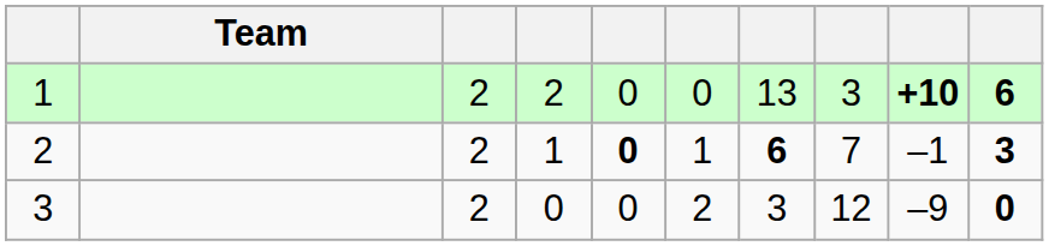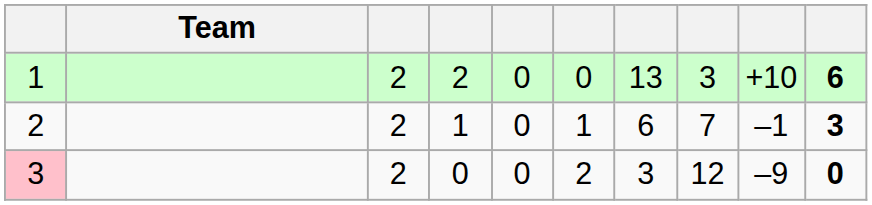 <table class="wikitable" style="text-align: center; font-size: 100%;">
 <tr>
 <th width="25"></th>
 <th width="150">Team</th>
 <th width="25"></th>
 <th width="25"></th>
 <th width="25"></th>
 <th width="25"></th>
 <th width="25"></th>
 <th width="25"></th>
 <th width="25"></th>
 <th width="25"></th>
 </tr>
 <tr style="background-color: #ccffcc;">
 <td>1</td>
 <td align=left></td>
 <td>2</td>
 <td>2</td>
 <td>0</td>
 <td>0</td>
 <td>13</td>
 <td>3</td>
-<td><strong>+10</strong></td>
+<td>+10</td>
 <td><strong>6</strong></td>
 </tr>
 <tr>
 <td>2</td>
 <td align=left></td>
 <td>2</td>
 <td>1</td>
-<td><strong>0</strong></td>
+<td>0</td>
 <td>1</td>
-<td><strong>6</strong></td>
+<td>6</td>
 <td>7</td>
 <td>–1</td>
 <td><strong>3</strong></td>
 </tr>
 <tr>
-<td>3</td>
+<td style="background: pink;">3</td>
 <td align=left></td>
 <td>2</td>
 <td>0</td>
 <td>0</td>
 <td>2</td>
 <td>3</td>
 <td>12</td>
 <td>–9</td>
 <td><strong>0</strong></td>
 </tr>
 </table>
